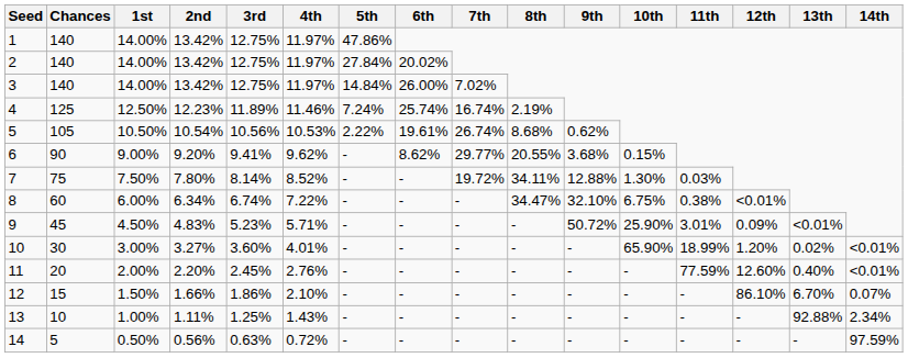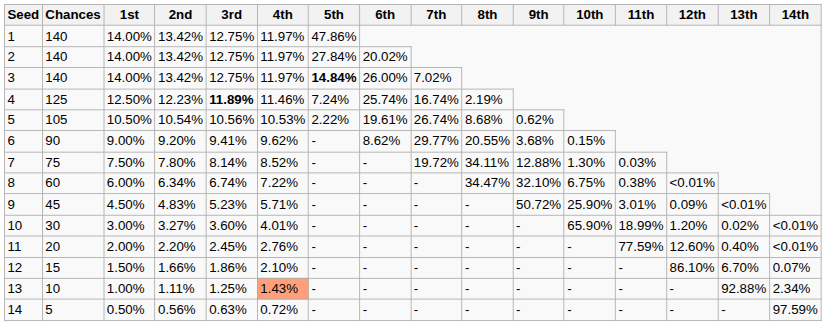 <table class="wikitable">
 <tr>
 <th>Seed</th>
 <th>Chances</th>
 <th>1st</th>
 <th>2nd</th>
 <th>3rd</th>
 <th>4th</th>
 <th>5th</th>
 <th>6th</th>
 <th>7th</th>
 <th>8th</th>
 <th>9th</th>
 <th>10th</th>
 <th>11th</th>
 <th>12th</th>
 <th>13th</th>
 <th>14th</th>
 </tr>
 <tr>
 <td align="left">1</td>
 <td>140</td>
 <td>14.00%</td>
 <td>13.42%</td>
 <td>12.75%</td>
 <td>11.97%</td>
 <td>47.86%</td>
 </tr>
 <tr>
 <td align="left">2</td>
 <td>140</td>
 <td>14.00%</td>
 <td>13.42%</td>
 <td>12.75%</td>
 <td>11.97%</td>
 <td>27.84%</td>
 <td>20.02%</td>
 </tr>
 <tr>
 <td align="left">3</td>
 <td>140</td>
 <td>14.00%</td>
 <td>13.42%</td>
 <td>12.75%</td>
 <td>11.97%</td>
-<td>14.84%</td>
+<td><strong>14.84%</strong></td>
 <td>26.00%</td>
 <td>7.02%</td>
 </tr>
 <tr>
 <td align="left">4</td>
 <td>125</td>
 <td>12.50%</td>
 <td>12.23%</td>
-<td>11.89%</td>
+<td><strong>11.89%</strong></td>
 <td>11.46%</td>
 <td>7.24%</td>
 <td>25.74%</td>
 <td>16.74%</td>
 <td>2.19%</td>
 </tr>
 <tr>
 <td align="left">5</td>
 <td>105</td>
 <td>10.50%</td>
 <td>10.54%</td>
 <td>10.56%</td>
 <td>10.53%</td>
 <td>2.22%</td>
 <td>19.61%</td>
 <td>26.74%</td>
 <td>8.68%</td>
 <td>0.62%</td>
 </tr>
 <tr>
 <td align="left">6</td>
 <td>90</td>
 <td>9.00%</td>
 <td>9.20%</td>
 <td>9.41%</td>
 <td>9.62%</td>
 <td>-</td>
 <td>8.62%</td>
 <td>29.77%</td>
 <td>20.55%</td>
 <td>3.68%</td>
 <td>0.15%</td>
 </tr>
 <tr>
 <td align="left">7</td>
 <td>75</td>
 <td>7.50%</td>
 <td>7.80%</td>
 <td>8.14%</td>
 <td>8.52%</td>
 <td>-</td>
 <td>-</td>
 <td>19.72%</td>
 <td>34.11%</td>
 <td>12.88%</td>
 <td>1.30%</td>
 <td>0.03%</td>
 </tr>
 <tr>
 <td align="left">8</td>
 <td>60</td>
 <td>6.00%</td>
 <td>6.34%</td>
 <td>6.74%</td>
 <td>7.22%</td>
 <td>-</td>
 <td>-</td>
 <td>-</td>
 <td>34.47%</td>
 <td>32.10%</td>
 <td>6.75%</td>
 <td>0.38%</td>
 <td><0.01%</td>
 </tr>
 <tr>
 <td align="left">9</td>
 <td>45</td>
 <td>4.50%</td>
 <td>4.83%</td>
 <td>5.23%</td>
 <td>5.71%</td>
 <td>-</td>
 <td>-</td>
 <td>-</td>
 <td>-</td>
 <td>50.72%</td>
 <td>25.90%</td>
 <td>3.01%</td>
 <td>0.09%</td>
 <td><0.01%</td>
 </tr>
 <tr>
 <td align="left">10</td>
 <td>30</td>
 <td>3.00%</td>
 <td>3.27%</td>
 <td>3.60%</td>
 <td>4.01%</td>
 <td>-</td>
 <td>-</td>
 <td>-</td>
 <td>-</td>
 <td>-</td>
 <td>65.90%</td>
 <td>18.99%</td>
 <td>1.20%</td>
 <td>0.02%</td>
 <td><0.01%</td>
 </tr>
 <tr>
 <td align="left">11</td>
 <td>20</td>
 <td>2.00%</td>
 <td>2.20%</td>
 <td>2.45%</td>
 <td>2.76%</td>
 <td>-</td>
 <td>-</td>
 <td>-</td>
 <td>-</td>
 <td>-</td>
 <td>-</td>
 <td>77.59%</td>
 <td>12.60%</td>
 <td>0.40%</td>
 <td><0.01%</td>
 </tr>
 <tr>
 <td align="left">12</td>
 <td>15</td>
 <td>1.50%</td>
 <td>1.66%</td>
 <td>1.86%</td>
 <td>2.10%</td>
 <td>-</td>
 <td>-</td>
 <td>-</td>
 <td>-</td>
 <td>-</td>
 <td>-</td>
 <td>-</td>
 <td>86.10%</td>
 <td>6.70%</td>
 <td>0.07%</td>
 </tr>
 <tr>
 <td align="left">13</td>
 <td>10</td>
 <td>1.00%</td>
 <td>1.11%</td>
 <td>1.25%</td>
-<td>1.43%</td>
+<td style="background: lightsalmon;">1.43%</td>
 <td>-</td>
 <td>-</td>
 <td>-</td>
 <td>-</td>
 <td>-</td>
 <td>-</td>
 <td>-</td>
 <td>-</td>
 <td>92.88%</td>
 <td>2.34%</td>
 </tr>
 <tr>
 <td align="left">14</td>
 <td>5</td>
 <td>0.50%</td>
 <td>0.56%</td>
 <td>0.63%</td>
 <td>0.72%</td>
 <td>-</td>
 <td>-</td>
 <td>-</td>
 <td>-</td>
 <td>-</td>
 <td>-</td>
 <td>-</td>
 <td>-</td>
 <td>-</td>
 <td>97.59%</td>
 </tr>
 </table>
